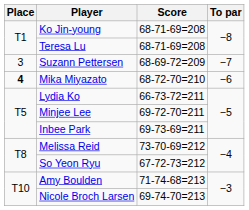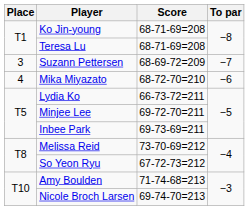 <table class="wikitable">
 <tr>
 <th>Place</th>
 <th>Player</th>
 <th>Score</th>
 <th>To par</th>
 </tr>
 <tr>
 <td rowspan=2 align=center>T1</td>
 <td> <a href='#'>Ko Jin-young</a></td>
 <td>68-71-69=208</td>
 <td rowspan=2 align=center>−8</td>
 </tr>
 <tr>
 <td> <a href='#'>Teresa Lu</a></td>
 <td>68-71-69=208</td>
 </tr>
 <tr>
 <td align=center>3</td>
 <td> <a href='#'>Suzann Pettersen</a></td>
 <td>68-69-72=209</td>
 <td align=center>−7</td>
 </tr>
 <tr>
-<td align=center><strong>4</strong></td>
+<td align=center>4</td>
 <td> <a href='#'>Mika Miyazato</a></td>
 <td>68-72-70=210</td>
 <td align=center>−6</td>
 </tr>
 <tr>
 <td rowspan=3 align=center>T5</td>
 <td> <a href='#'>Lydia Ko</a></td>
 <td>66-73-72=211</td>
 <td rowspan=3 align=center>−5</td>
 </tr>
 <tr>
 <td> <a href='#'>Minjee Lee</a></td>
 <td>69-72-70=211</td>
 </tr>
 <tr>
 <td> <a href='#'>Inbee Park</a></td>
 <td>69-73-69=211</td>
 </tr>
 <tr>
 <td rowspan=2 align=center>T8</td>
 <td> <a href='#'>Melissa Reid</a></td>
 <td>73-70-69=212</td>
 <td rowspan=2 align=center>−4</td>
 </tr>
 <tr>
 <td> <a href='#'>So Yeon Ryu</a></td>
 <td>67-72-73=212</td>
 </tr>
 <tr>
 <td rowspan=2 align=center>T10</td>
 <td> <a href='#'>Amy Boulden</a></td>
 <td>71-74-68=213</td>
 <td rowspan=2 align=center>−3</td>
 </tr>
 <tr>
 <td> <a href='#'>Nicole Broch Larsen</a></td>
 <td>69-74-70=213</td>
 </tr>
 </table>
